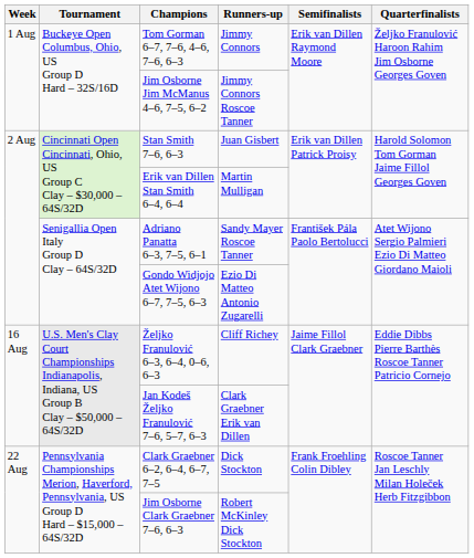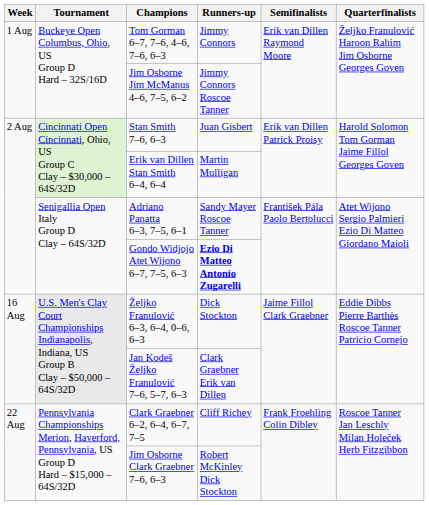 <table class=wikitable style=font-size:95%>
 <tr>
 <th style="width:48px;">Week</th>
 <th style="width:260px;">Tournament</th>
 <th style="width:190px;">Champions</th>
 <th style="width:190px;">Runners-up</th>
 <th style="width:190px;">Semifinalists</th>
 <th style="width:190px;">Quarterfinalists</th>
 </tr>
 <tr valign=top>
 <td rowspan=2>1 Aug</td>
 <td rowspan=2><a href='#'>Buckeye Open</a> <br> <a href='#'>Columbus, Ohio</a>, US <br> Group D <br> Hard – 32S/16D</td>
 <td> <a href='#'>Tom Gorman</a> <br> 6–7, 7–6, 4–6, 7–6, 6–3</td>
 <td> <a href='#'>Jimmy Connors</a></td>
 <td rowspan=2> <a href='#'>Erik van Dillen</a> <br>  <a href='#'>Raymond Moore</a></td>
 <td rowspan=2> <a href='#'>Željko Franulović</a> <br>  <a href='#'>Haroon Rahim</a> <br>  <a href='#'>Jim Osborne</a> <br>  <a href='#'>Georges Goven</a></td>
 </tr>
 <tr valign=top>
 <td> <a href='#'>Jim Osborne</a> <br>  <a href='#'>Jim McManus</a> <br> 4–6, 7–5, 6–2</td>
 <td> <a href='#'>Jimmy Connors</a> <br>  <a href='#'>Roscoe Tanner</a></td>
 </tr>
 <tr valign=top>
 <td rowspan=4>2 Aug</td>
 <td style="background:#DDF3D1;" rowspan="2"><a href='#'>Cincinnati Open</a> <br> <a href='#'>Cincinnati</a>, Ohio, US <br> Group C <br> Clay – $30,000 – 64S/32D</td>
 <td> <a href='#'>Stan Smith</a> <br> 7–6, 6–3</td>
 <td> <a href='#'>Juan Gisbert</a></td>
 <td rowspan=2> <a href='#'>Erik van Dillen</a> <br>  <a href='#'>Patrick Proisy</a></td>
 <td rowspan=2> <a href='#'>Harold Solomon</a> <br>  <a href='#'>Tom Gorman</a> <br>  <a href='#'>Jaime Fillol</a> <br>  <a href='#'>Georges Goven</a></td>
 </tr>
 <tr valign=top>
 <td> <a href='#'>Erik van Dillen</a> <br>  <a href='#'>Stan Smith</a> <br> 6–4, 6–4</td>
 <td> <a href='#'>Martin Mulligan</a></td>
 </tr>
 <tr valign=top>
 <td rowspan="2"><a href='#'>Senigallia Open</a> <br> Italy <br> Group D <br> Clay – 64S/32D</td>
 <td> <a href='#'>Adriano Panatta</a> <br> 6–3, 7–5, 6–1</td>
 <td> <a href='#'>Sandy Mayer</a> <br>  <a href='#'>Roscoe Tanner</a></td>
 <td rowspan=2> <a href='#'>František Pála</a> <br>  <a href='#'>Paolo Bertolucci</a></td>
 <td rowspan=2> <a href='#'>Atet Wijono</a> <br>  <a href='#'>Sergio Palmieri</a> <br>  <a href='#'>Ezio Di Matteo</a> <br>  <a href='#'>Giordano Maioli</a></td>
 </tr>
 <tr valign=top>
 <td> <a href='#'>Gondo Widjojo</a> <br>  <a href='#'>Atet Wijono</a> <br> 6–7, 7–5, 6–3</td>
-<td> <a href='#'>Ezio Di Matteo</a> <br>  <a href='#'>Antonio Zugarelli</a></td>
+<td><strong> <a href='#'>Ezio Di Matteo</a> <br>  <a href='#'>Antonio Zugarelli</a></strong></td>
 </tr>
 <tr valign=top>
 <td rowspan=2>16 Aug</td>
 <td style="background:#E9E9E9;" rowspan="2"><a href='#'>U.S. Men's Clay Court Championships</a> <br> <a href='#'>Indianapolis</a>, Indiana, US <br> Group B <br> Clay – $50,000 – 64S/32D</td>
 <td> <a href='#'>Željko Franulović</a> <br> 6–3, 6–4, 0–6, 6–3</td>
-<td> <a href='#'>Cliff Richey</a></td>
+<td> <a href='#'>Dick Stockton</a></td>
 <td rowspan=2> <a href='#'>Jaime Fillol</a> <br>  <a href='#'>Clark Graebner</a></td>
 <td rowspan=2> <a href='#'>Eddie Dibbs</a> <br>  <a href='#'>Pierre Barthès</a> <br>  <a href='#'>Roscoe Tanner</a> <br>  <a href='#'>Patricio Cornejo</a></td>
 </tr>
 <tr valign=top>
 <td> <a href='#'>Jan Kodeš</a> <br>  <a href='#'>Željko Franulović</a> <br> 7–6, 5–7, 6–3</td>
 <td> <a href='#'>Clark Graebner</a> <br>  <a href='#'>Erik van Dillen</a></td>
 </tr>
 <tr valign=top>
 <td rowspan=2>22 Aug</td>
 <td rowspan=2><a href='#'>Pennsylvania Championships</a> <br> <a href='#'>Merion</a>, <a href='#'>Haverford, Pennsylvania</a>, US <br> Group D <br> Hard – $15,000 – 64S/32D</td>
 <td> <a href='#'>Clark Graebner</a> <br> 6–2, 6–4, 6–7, 7–5</td>
-<td> <a href='#'>Dick Stockton</a></td>
+<td> <a href='#'>Cliff Richey</a></td>
 <td rowspan=2> <a href='#'>Frank Froehling</a> <br>  <a href='#'>Colin Dibley</a></td>
 <td rowspan=2> <a href='#'>Roscoe Tanner</a> <br>  <a href='#'>Jan Leschly</a> <br>  <a href='#'>Milan Holeček</a> <br>  <a href='#'>Herb Fitzgibbon</a></td>
 </tr>
 <tr valign=top>
 <td> <a href='#'>Jim Osborne</a> <br>  <a href='#'>Clark Graebner</a> <br> 7–6, 6–3</td>
 <td> <a href='#'>Robert McKinley</a> <br>  <a href='#'>Dick Stockton</a></td>
 </tr>
 </table>
